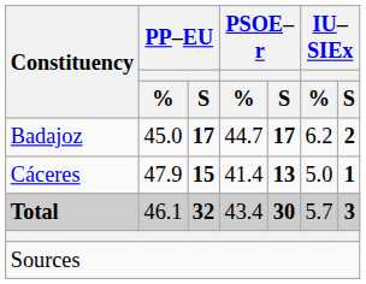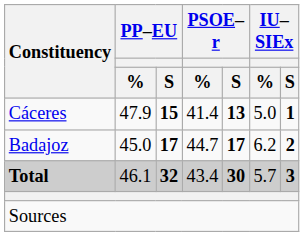 <table class="wikitable sortable" style="text-align:right; line-height:20px;">
 <tr>
 <th rowspan="3">Constituency</th>
 <th colspan="2" width="30px" class="unsortable"><a href='#'>PP</a>–<a href='#'>EU</a></th>
 <th colspan="2" width="30px" class="unsortable"><a href='#'>PSOE</a>–<a href='#'>r</a></th>
 <th colspan="2" width="30px" class="unsortable"><a href='#'>IU</a>–<a href='#'>SIEx</a></th>
 </tr>
 <tr>
 <th colspan="2" style="background:"></th>
 <th colspan="2" style="background:"></th>
 <th colspan="2" style="background:"></th>
 </tr>
 <tr>
 <th data-sort-type="number">%</th>
 <th data-sort-type="number">S</th>
 <th data-sort-type="number">%</th>
 <th data-sort-type="number">S</th>
 <th data-sort-type="number">%</th>
 <th data-sort-type="number">S</th>
 </tr>
 <tr>
+<td align="left"><a href='#'>Cáceres</a></td>
+<td style="background:">47.9</td>
+<td><strong>15</strong></td>
+<td>41.4</td>
+<td><strong>13</strong></td>
+<td>5.0</td>
+<td><strong>1</strong></td>
+</tr>
+<tr>
 <td align="left"><a href='#'>Badajoz</a></td>
 <td style="background:">45.0</td>
 <td><strong>17</strong></td>
 <td>44.7</td>
 <td><strong>17</strong></td>
 <td>6.2</td>
 <td><strong>2</strong></td>
-</tr>
-<tr>
-<td align="left"><a href='#'>Cáceres</a></td>
-<td style="background:">47.9</td>
-<td><strong>15</strong></td>
-<td>41.4</td>
-<td><strong>13</strong></td>
-<td>5.0</td>
-<td><strong>1</strong></td>
 </tr>
 <tr style="background:#CDCDCD;">
 <td align="left"><strong>Total</strong></td>
 <td style="background:">46.1</td>
 <td><strong>32</strong></td>
 <td>43.4</td>
 <td><strong>30</strong></td>
 <td>5.7</td>
 <td><strong>3</strong></td>
 </tr>
 <tr>
 <th colspan="7"></th>
 </tr>
 <tr>
 <th style="text-align:left; font-weight:normal; background:#F9F9F9" colspan="7">Sources</th>
 </tr>
 </table>
